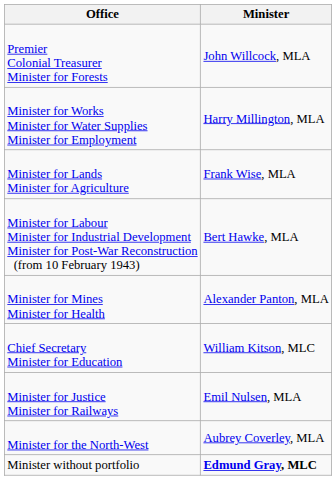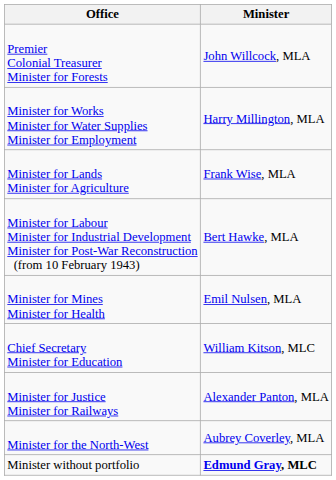 <table class="wikitable">
 <tr>
 <th>Office</th>
 <th>Minister</th>
 </tr>
 <tr>
 <td><br><a href='#'>Premier</a><br> <a href='#'>Colonial Treasurer</a><br> <a href='#'>Minister for Forests</a><br></td>
 <td><a href='#'>John Willcock</a>, MLA</td>
 </tr>
 <tr>
 <td><br><a href='#'>Minister for Works</a><br> <a href='#'>Minister for Water Supplies</a><br> <a href='#'>Minister for Employment</a><br></td>
 <td><a href='#'>Harry Millington</a>, MLA</td>
 </tr>
 <tr>
 <td><br><a href='#'>Minister for Lands</a><br> <a href='#'>Minister for Agriculture</a><br></td>
 <td><a href='#'>Frank Wise</a>, MLA</td>
 </tr>
 <tr>
 <td><br><a href='#'>Minister for Labour</a><br> <a href='#'>Minister for Industrial Development</a><br> <a href='#'>Minister for Post-War Reconstruction</a><br>  (from 10 February 1943)<br></td>
 <td><a href='#'>Bert Hawke</a>, MLA</td>
 </tr>
 <tr>
 <td><br><a href='#'>Minister for Mines</a><br> <a href='#'>Minister for Health</a><br></td>
-<td><a href='#'>Alexander Panton</a>, MLA</td>
+<td><a href='#'>Emil Nulsen</a>, MLA</td>
 </tr>
 <tr>
 <td><br><a href='#'>Chief Secretary</a><br> <a href='#'>Minister for Education</a><br></td>
 <td><a href='#'>William Kitson</a>, MLC</td>
 </tr>
 <tr>
 <td><br><a href='#'>Minister for Justice</a><br> <a href='#'>Minister for Railways</a><br></td>
-<td><a href='#'>Emil Nulsen</a>, MLA</td>
+<td><a href='#'>Alexander Panton</a>, MLA</td>
 </tr>
 <tr>
 <td><br><a href='#'>Minister for the North-West</a><br></td>
 <td><a href='#'>Aubrey Coverley</a>, MLA</td>
 </tr>
 <tr>
 <td>Minister without portfolio</td>
 <td><strong><a href='#'>Edmund Gray</a>, MLC</strong></td>
 </tr>
 </table>
